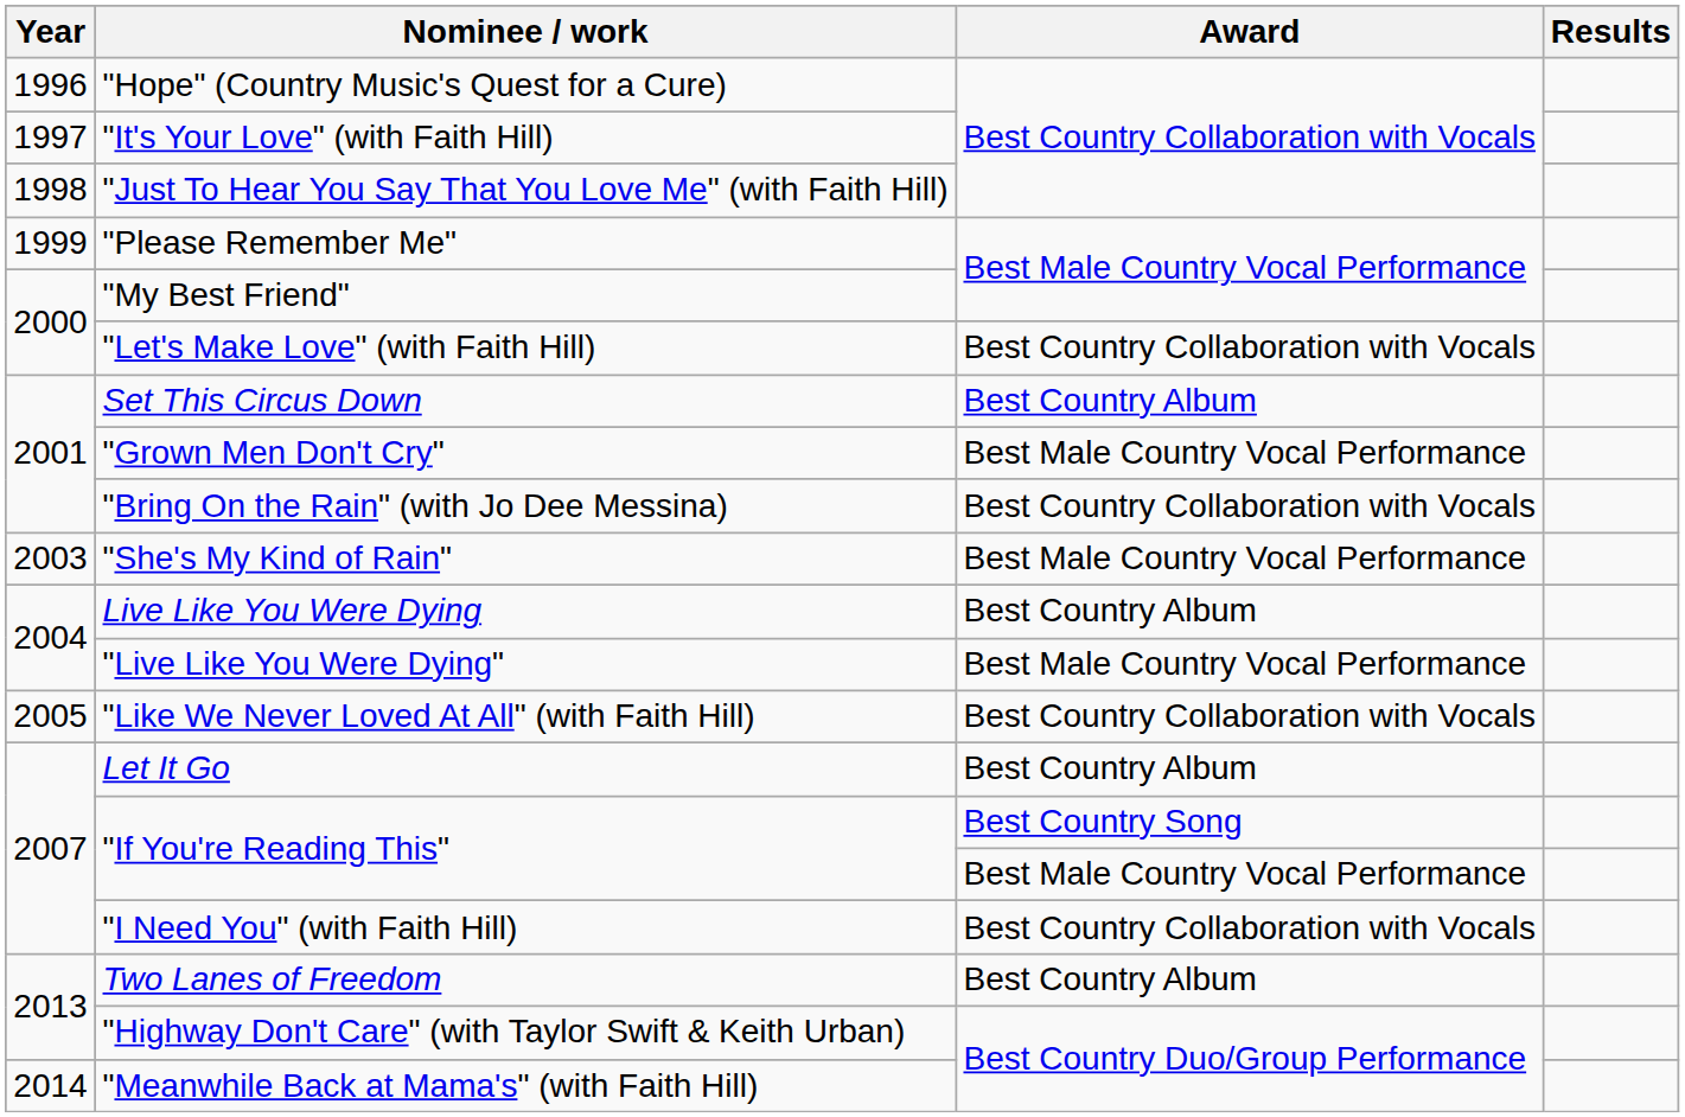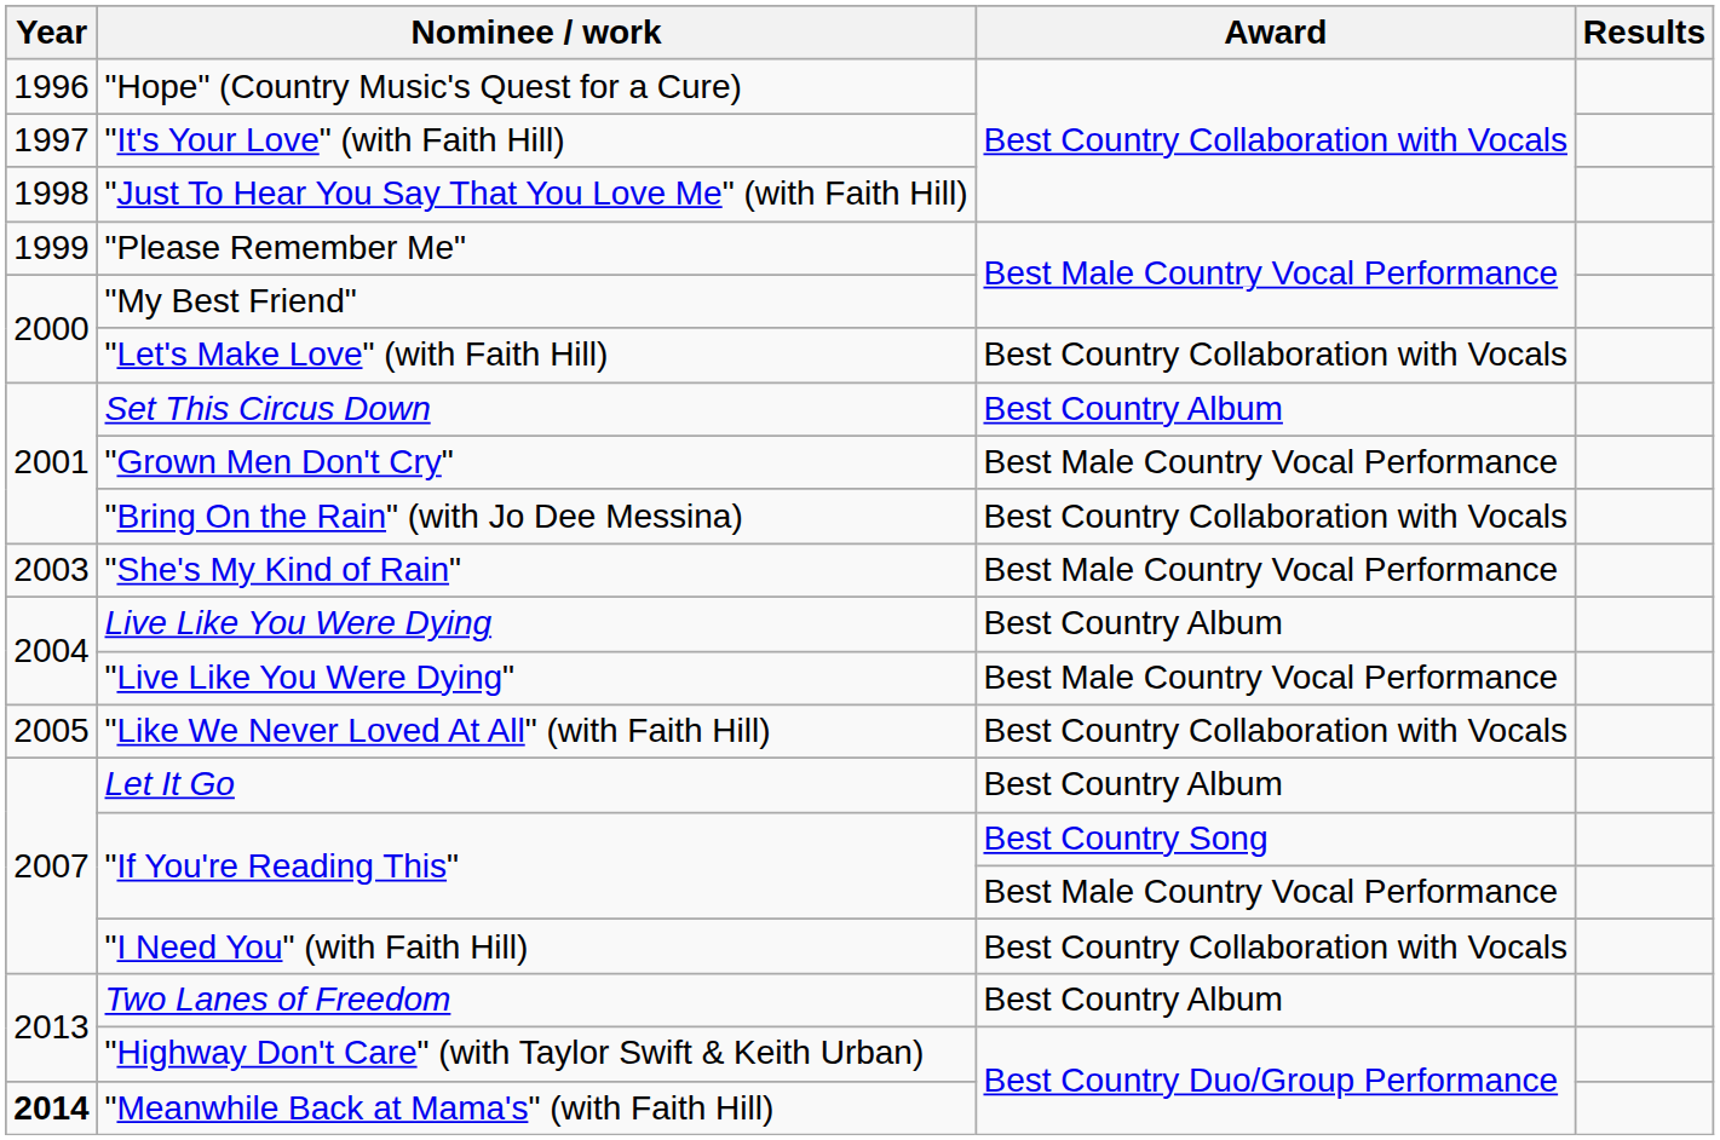 <table class="wikitable">
 <tr>
 <th>Year</th>
 <th>Nominee / work</th>
 <th>Award</th>
 <th>Results</th>
 </tr>
 <tr>
 <td>1996</td>
 <td>"Hope" (Country Music's Quest for a Cure)</td>
 <td rowspan=3><a href='#'>Best Country Collaboration with Vocals</a></td>
 <td></td>
 </tr>
 <tr>
 <td>1997</td>
 <td>"<a href='#'>It's Your Love</a>" (with Faith Hill)</td>
 <td></td>
 </tr>
 <tr>
 <td>1998</td>
 <td>"<a href='#'>Just To Hear You Say That You Love Me</a>" (with Faith Hill)</td>
 <td></td>
 </tr>
 <tr>
 <td>1999</td>
 <td>"Please Remember Me"</td>
 <td rowspan=2><a href='#'>Best Male Country Vocal Performance</a></td>
 <td></td>
 </tr>
 <tr>
 <td rowspan=2>2000</td>
 <td>"My Best Friend"</td>
 <td></td>
 </tr>
 <tr>
 <td>"<a href='#'>Let's Make Love</a>" (with Faith Hill)</td>
 <td>Best Country Collaboration with Vocals</td>
 <td></td>
 </tr>
 <tr>
 <td rowspan=3>2001</td>
 <td><em><a href='#'>Set This Circus Down</a></em></td>
 <td><a href='#'>Best Country Album</a></td>
 <td></td>
 </tr>
 <tr>
 <td>"<a href='#'>Grown Men Don't Cry</a>"</td>
 <td>Best Male Country Vocal Performance</td>
 <td></td>
 </tr>
 <tr>
 <td>"<a href='#'>Bring On the Rain</a>" (with Jo Dee Messina)</td>
 <td>Best Country Collaboration with Vocals</td>
 <td></td>
 </tr>
 <tr>
 <td>2003</td>
 <td>"<a href='#'>She's My Kind of Rain</a>"</td>
 <td>Best Male Country Vocal Performance</td>
 <td></td>
 </tr>
 <tr>
 <td rowspan=2>2004</td>
 <td><em><a href='#'>Live Like You Were Dying</a></em></td>
 <td>Best Country Album</td>
 <td></td>
 </tr>
 <tr>
 <td>"<a href='#'>Live Like You Were Dying</a>"</td>
 <td>Best Male Country Vocal Performance</td>
 <td></td>
 </tr>
 <tr>
 <td>2005</td>
 <td>"<a href='#'>Like We Never Loved At All</a>" (with Faith Hill)</td>
 <td>Best Country Collaboration with Vocals</td>
 <td></td>
 </tr>
 <tr>
 <td rowspan=4>2007</td>
 <td><em><a href='#'>Let It Go</a></em></td>
 <td>Best Country Album</td>
 <td></td>
 </tr>
 <tr>
 <td rowspan=2>"<a href='#'>If You're Reading This</a>"</td>
 <td><a href='#'>Best Country Song</a></td>
 <td></td>
 </tr>
 <tr>
 <td>Best Male Country Vocal Performance</td>
 <td></td>
 </tr>
 <tr>
 <td>"<a href='#'>I Need You</a>" (with Faith Hill)</td>
 <td>Best Country Collaboration with Vocals</td>
 <td></td>
 </tr>
 <tr>
 <td rowspan=2>2013</td>
 <td><em><a href='#'>Two Lanes of Freedom</a></em></td>
 <td>Best Country Album</td>
 <td></td>
 </tr>
 <tr>
 <td>"<a href='#'>Highway Don't Care</a>" (with Taylor Swift & Keith Urban)</td>
 <td rowspan=2><a href='#'>Best Country Duo/Group Performance</a></td>
 <td></td>
 </tr>
 <tr>
-<td>2014</td>
+<td><strong>2014</strong></td>
 <td>"<a href='#'>Meanwhile Back at Mama's</a>" (with Faith Hill)</td>
 <td></td>
 </tr>
 </table>
